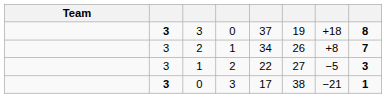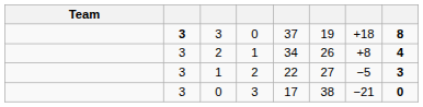 <table class=wikitable style="text-align:center">
 <tr>
 <th width=200>Team</th>
 <th width=40></th>
 <th width=40></th>
 <th width=40></th>
 <th width=40></th>
 <th width=40></th>
 <th width=40></th>
 <th width=40></th>
 </tr>
 <tr>
 <td align=left></td>
 <td><strong>3</strong></td>
 <td>3</td>
 <td>0</td>
 <td>37</td>
 <td>19</td>
 <td>+18</td>
 <td><strong>8</strong></td>
 </tr>
 <tr>
 <td align=left></td>
 <td>3</td>
 <td>2</td>
 <td>1</td>
 <td>34</td>
 <td>26</td>
 <td>+8</td>
-<td><strong>7</strong></td>
+<td><strong>4</strong></td>
 </tr>
 <tr>
 <td align=left></td>
 <td>3</td>
 <td>1</td>
 <td>2</td>
 <td>22</td>
 <td>27</td>
 <td>−5</td>
 <td><strong>3</strong></td>
 </tr>
 <tr>
 <td align=left></td>
-<td><strong>3</strong></td>
+<td>3</td>
 <td>0</td>
 <td>3</td>
 <td>17</td>
 <td>38</td>
 <td>−21</td>
-<td><strong>1</strong></td>
+<td><strong>0</strong></td>
 </tr>
 </table>
